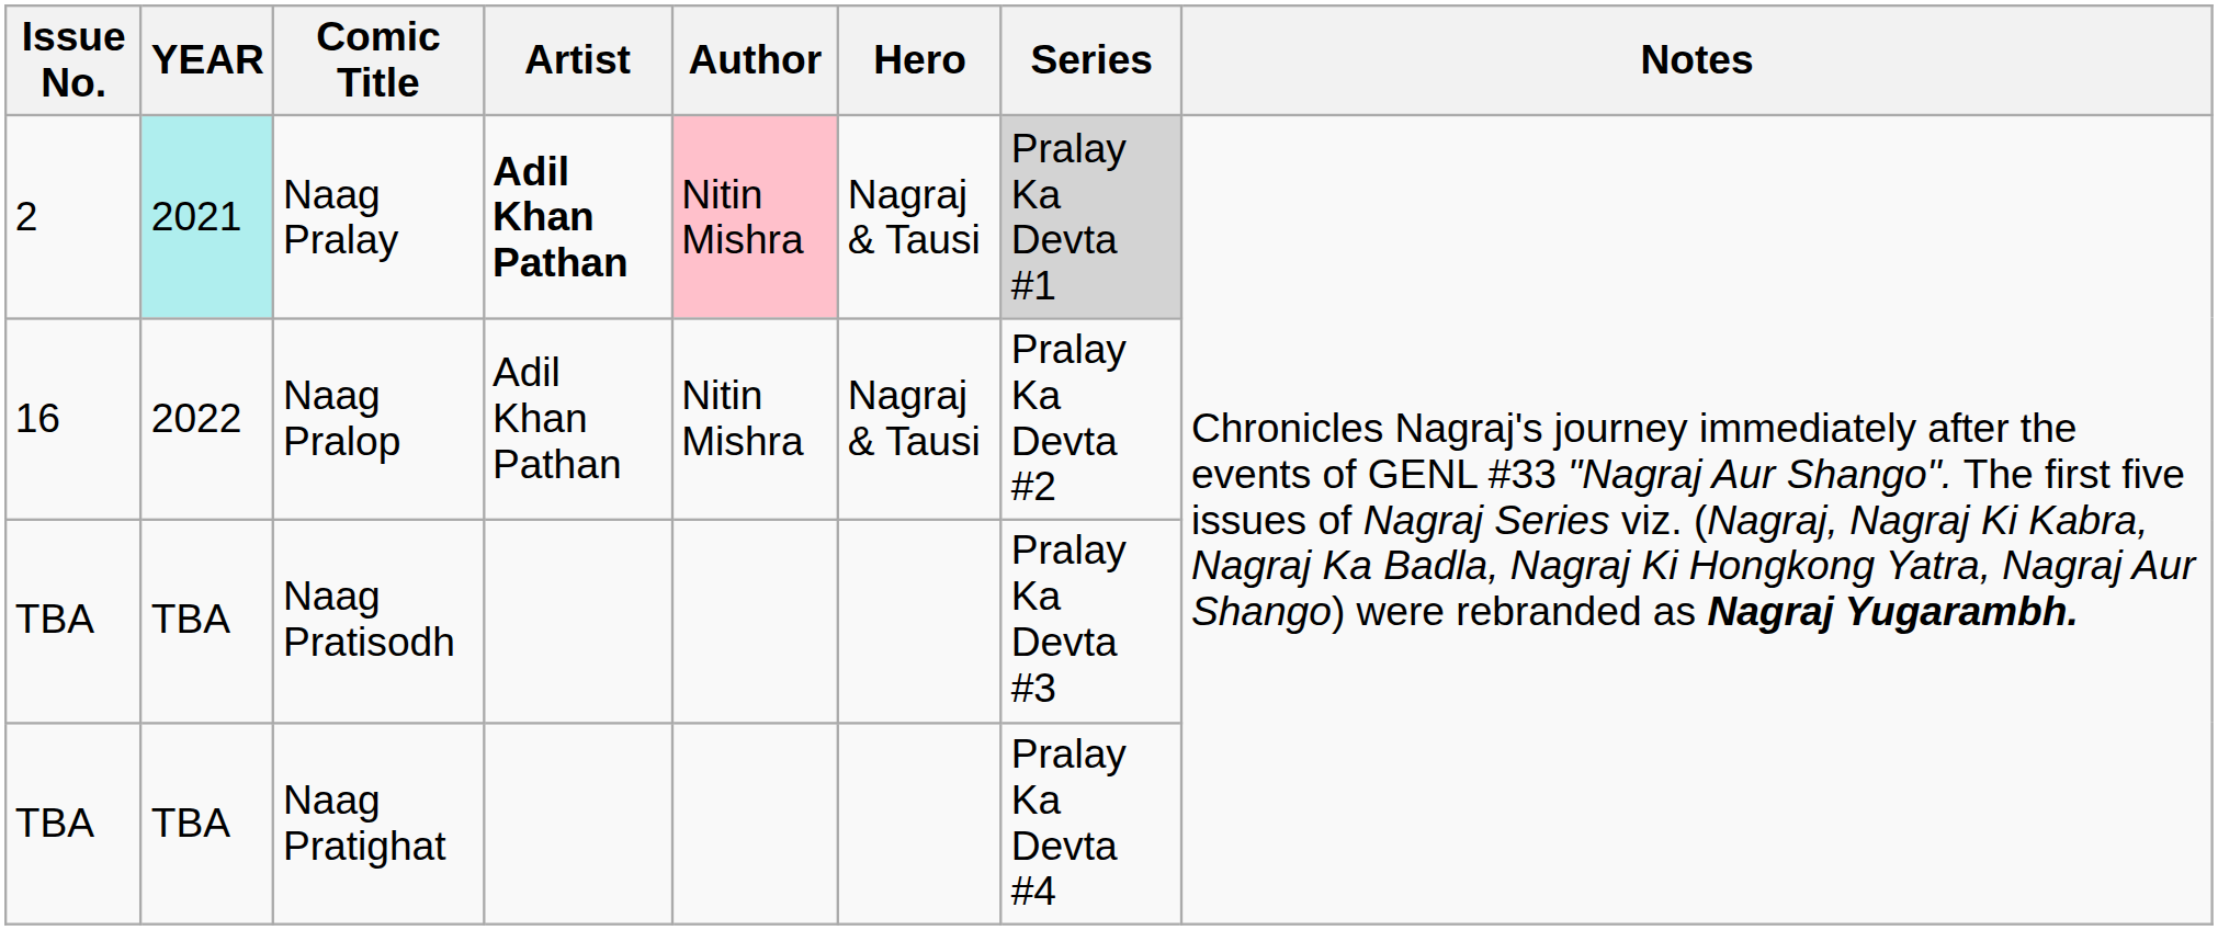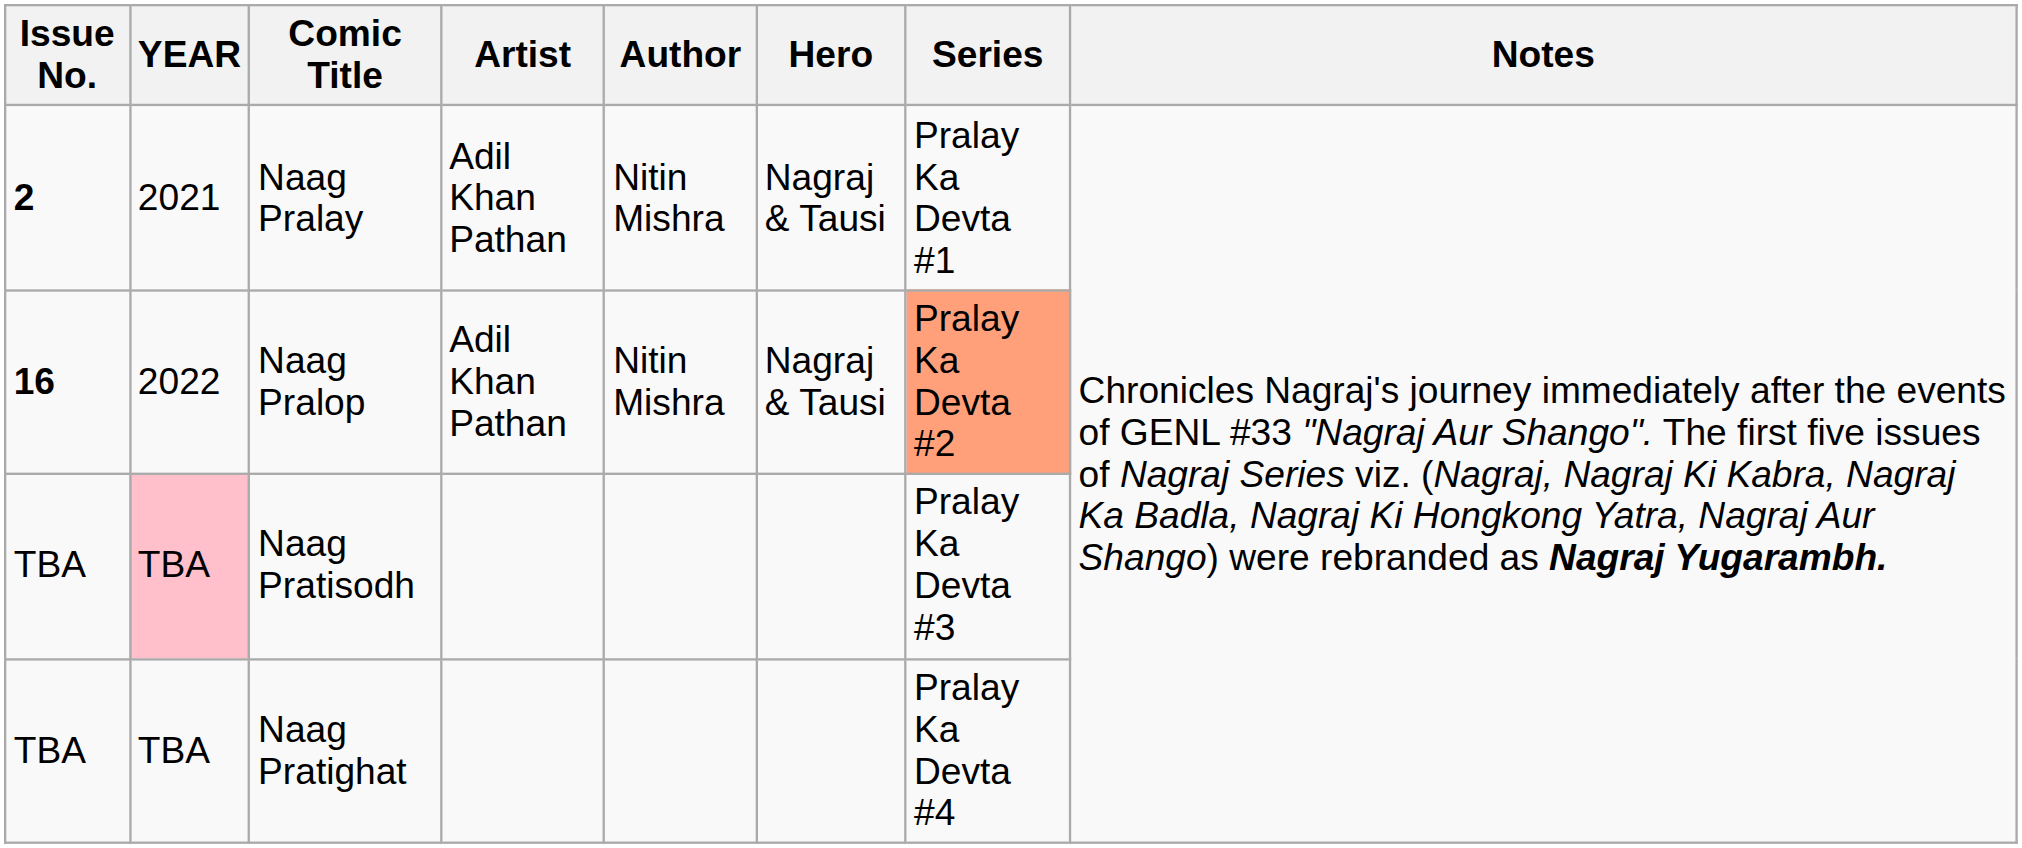 <table class="wikitable">
 <tr>
 <th>Issue No.</th>
 <th>YEAR</th>
 <th>Comic Title</th>
 <th>Artist</th>
 <th>Author</th>
 <th>Hero</th>
 <th>Series</th>
 <th>Notes</th>
 </tr>
 <tr>
-<td>2</td>
-<td style="background: paleturquoise;">2021</td>
+<td><strong>2</strong></td>
+<td>2021</td>
 <td>Naag Pralay</td>
-<td><strong>Adil Khan Pathan</strong></td>
-<td style="background: pink;">Nitin Mishra</td>
+<td>Adil Khan Pathan</td>
+<td>Nitin Mishra</td>
 <td>Nagraj & Tausi</td>
-<td style="background: lightgrey;">Pralay Ka Devta #1</td>
+<td>Pralay Ka Devta #1</td>
 <td rowspan="4">Chronicles Nagraj's journey immediately after the events of GENL #33 <em>"Nagraj Aur Shango".</em> The first five issues of <em>Nagraj Series</em> viz. (<em>Nagraj, Nagraj Ki Kabra,</em> <em>Nagraj Ka Badla, Nagraj Ki Hongkong Yatra,</em> <em>Nagraj Aur Shango</em>) were rebranded as <strong><em>Nagraj Yugarambh.</em></strong></td>
 </tr>
 <tr>
-<td>16</td>
+<td><strong>16</strong></td>
 <td>2022</td>
 <td>Naag  Pralop</td>
 <td>Adil Khan Pathan</td>
 <td>Nitin Mishra</td>
 <td>Nagraj & Tausi</td>
-<td>Pralay Ka Devta #2</td>
+<td style="background: lightsalmon;">Pralay Ka Devta #2</td>
 </tr>
 <tr>
 <td>TBA</td>
-<td>TBA</td>
+<td style="background: pink;">TBA</td>
 <td>Naag Pratisodh</td>
 <td></td>
 <td></td>
 <td></td>
 <td>Pralay Ka Devta #3</td>
 </tr>
 <tr>
 <td>TBA</td>
 <td>TBA</td>
 <td>Naag Pratighat</td>
 <td></td>
 <td></td>
 <td></td>
 <td>Pralay Ka Devta #4</td>
 </tr>
 </table>
